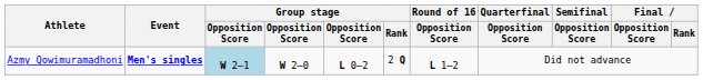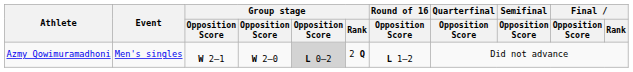 <table class="wikitable" style="font-size:90%">
 <tr>
 <th rowspan=2>Athlete</th>
 <th rowspan=2>Event</th>
 <th colspan=4>Group stage</th>
 <th>Round of 16</th>
 <th>Quarterfinal</th>
 <th>Semifinal</th>
 <th colspan=2>Final / </th>
 </tr>
 <tr style="font-size:95%">
 <th>Opposition<br>Score</th>
 <th>Opposition<br>Score</th>
 <th>Opposition<br>Score</th>
 <th>Rank</th>
 <th>Opposition<br>Score</th>
 <th>Opposition<br>Score</th>
 <th>Opposition<br>Score</th>
 <th>Opposition<br>Score</th>
 <th>Rank</th>
 </tr>
 <tr align=center>
 <td align=left><a href='#'>Azmy Qowimuramadhoni</a></td>
-<td align=left><strong><a href='#'>Men's singles</a></strong></td>
-<td style="background: lightblue;"><br><strong>W</strong> 2–1</td>
+<td align=left><a href='#'>Men's singles</a></td>
+<td><br><strong>W</strong> 2–1</td>
 <td><br><strong>W</strong> 2–0</td>
-<td><br><strong>L</strong> 0–2</td>
+<td style="background: lightgrey;"><br><strong>L</strong> 0–2</td>
 <td>2 <strong>Q</strong></td>
 <td><br><strong>L</strong> 1–2</td>
 <td colspan=4>Did not advance</td>
 </tr>
 </table>
